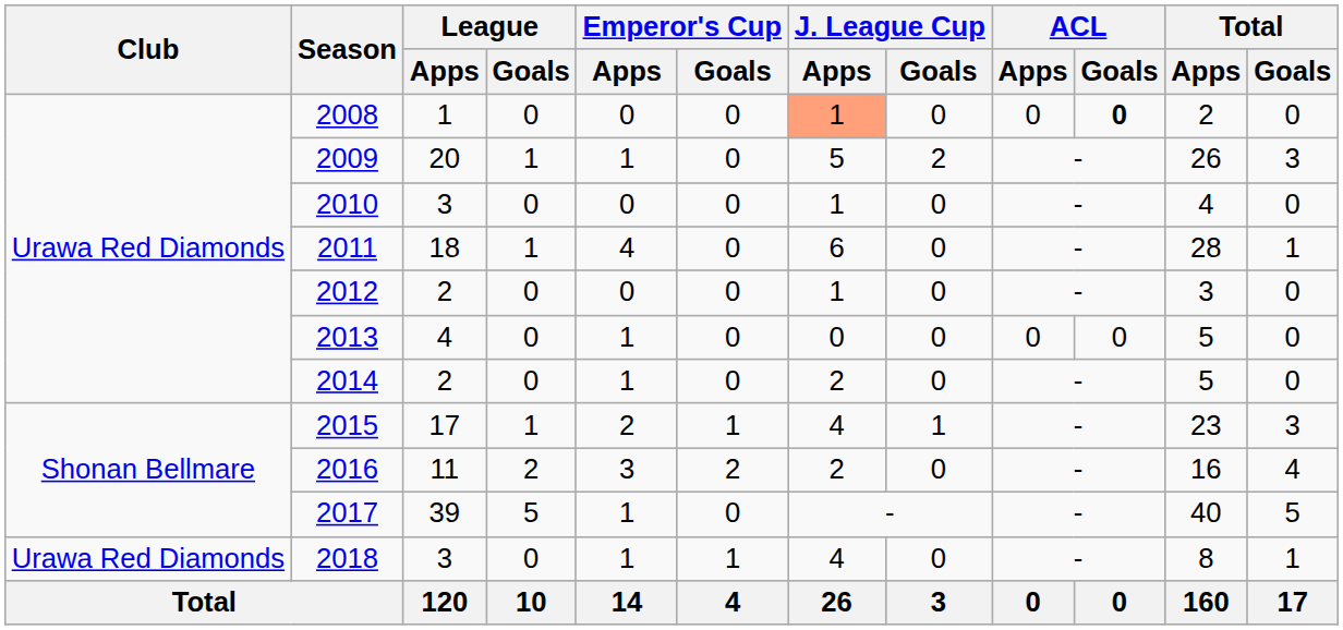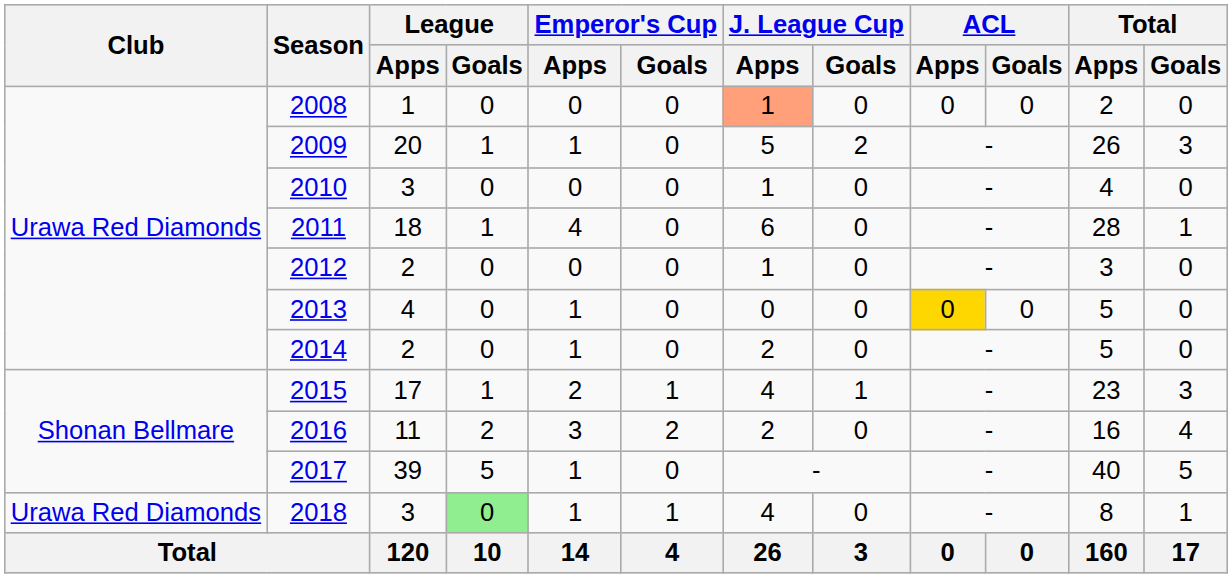 <table class="wikitable" style="text-align:center;">
 <tr>
 <th rowspan="2">Club</th>
 <th rowspan="2">Season</th>
 <th colspan="2">League</th>
 <th colspan="2"><a href='#'>Emperor's Cup</a></th>
 <th colspan="2"><a href='#'>J. League Cup</a></th>
 <th colspan="2"><a href='#'>ACL</a></th>
 <th colspan="2">Total</th>
 </tr>
 <tr>
 <th>Apps</th>
 <th>Goals</th>
 <th>Apps</th>
 <th>Goals</th>
 <th>Apps</th>
 <th>Goals</th>
 <th>Apps</th>
 <th>Goals</th>
 <th>Apps</th>
 <th>Goals</th>
 </tr>
 <tr>
 <td rowspan="7"><a href='#'>Urawa Red Diamonds</a></td>
 <td><a href='#'>2008</a></td>
 <td>1</td>
 <td>0</td>
 <td>0</td>
 <td>0</td>
 <td style="background: lightsalmon;">1</td>
 <td>0</td>
 <td>0</td>
-<td><strong>0</strong></td>
+<td>0</td>
 <td>2</td>
 <td>0</td>
 </tr>
 <tr>
 <td><a href='#'>2009</a></td>
 <td>20</td>
 <td>1</td>
 <td>1</td>
 <td>0</td>
 <td>5</td>
 <td>2</td>
 <td colspan="2">-</td>
 <td>26</td>
 <td>3</td>
 </tr>
 <tr>
 <td><a href='#'>2010</a></td>
 <td>3</td>
 <td>0</td>
 <td>0</td>
 <td>0</td>
 <td>1</td>
 <td>0</td>
 <td colspan="2">-</td>
 <td>4</td>
 <td>0</td>
 </tr>
 <tr>
 <td><a href='#'>2011</a></td>
 <td>18</td>
 <td>1</td>
 <td>4</td>
 <td>0</td>
 <td>6</td>
 <td>0</td>
 <td colspan="2">-</td>
 <td>28</td>
 <td>1</td>
 </tr>
 <tr>
 <td><a href='#'>2012</a></td>
 <td>2</td>
 <td>0</td>
 <td>0</td>
 <td>0</td>
 <td>1</td>
 <td>0</td>
 <td colspan="2">-</td>
 <td>3</td>
 <td>0</td>
 </tr>
 <tr>
 <td><a href='#'>2013</a></td>
 <td>4</td>
 <td>0</td>
 <td>1</td>
 <td>0</td>
 <td>0</td>
 <td>0</td>
-<td>0</td>
+<td style="background: gold;">0</td>
 <td>0</td>
 <td>5</td>
 <td>0</td>
 </tr>
 <tr>
 <td><a href='#'>2014</a></td>
 <td>2</td>
 <td>0</td>
 <td>1</td>
 <td>0</td>
 <td>2</td>
 <td>0</td>
 <td colspan="2">-</td>
 <td>5</td>
 <td>0</td>
 </tr>
 <tr>
 <td rowspan="3"><a href='#'>Shonan Bellmare</a></td>
 <td><a href='#'>2015</a></td>
 <td>17</td>
 <td>1</td>
 <td>2</td>
 <td>1</td>
 <td>4</td>
 <td>1</td>
 <td colspan="2">-</td>
 <td>23</td>
 <td>3</td>
 </tr>
 <tr>
 <td><a href='#'>2016</a></td>
 <td>11</td>
 <td>2</td>
 <td>3</td>
 <td>2</td>
 <td>2</td>
 <td>0</td>
 <td colspan="2">-</td>
 <td>16</td>
 <td>4</td>
 </tr>
 <tr>
 <td><a href='#'>2017</a></td>
 <td>39</td>
 <td>5</td>
 <td>1</td>
 <td>0</td>
 <td colspan="2">-</td>
 <td colspan="2">-</td>
 <td>40</td>
 <td>5</td>
 </tr>
 <tr>
 <td rowspan="1"><a href='#'>Urawa Red Diamonds</a></td>
 <td><a href='#'>2018</a></td>
 <td>3</td>
-<td>0</td>
+<td style="background: lightgreen;">0</td>
 <td>1</td>
 <td>1</td>
 <td>4</td>
 <td>0</td>
 <td colspan="2">-</td>
 <td>8</td>
 <td>1</td>
 </tr>
 <tr>
 <th colspan="2">Total</th>
 <th>120</th>
 <th>10</th>
 <th>14</th>
 <th>4</th>
 <th>26</th>
 <th>3</th>
 <th>0</th>
 <th>0</th>
 <th>160</th>
 <th>17</th>
 </tr>
 </table>
